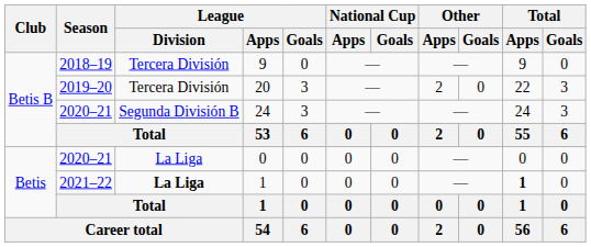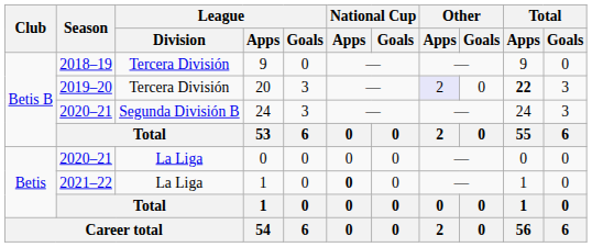 <table class="wikitable" style="text-align:center">
 <tr>
 <th rowspan="2">Club</th>
 <th rowspan="2">Season</th>
 <th colspan="3">League</th>
 <th colspan="2">National Cup</th>
 <th colspan="2">Other</th>
 <th colspan="2">Total</th>
 </tr>
 <tr>
 <th>Division</th>
 <th>Apps</th>
 <th>Goals</th>
 <th>Apps</th>
 <th>Goals</th>
 <th>Apps</th>
 <th>Goals</th>
 <th>Apps</th>
 <th>Goals</th>
 </tr>
 <tr>
 <td rowspan="4"><a href='#'>Betis B</a></td>
 <td><a href='#'>2018–19</a></td>
 <td><a href='#'>Tercera División</a></td>
 <td>9</td>
 <td>0</td>
 <td colspan="2">—</td>
 <td colspan="2">—</td>
 <td>9</td>
 <td>0</td>
 </tr>
 <tr>
 <td><a href='#'>2019–20</a></td>
 <td>Tercera División</td>
 <td>20</td>
 <td>3</td>
 <td colspan="2">—</td>
-<td>2</td>
+<td style="background: lavender;">2</td>
 <td>0</td>
-<td>22</td>
+<td><strong>22</strong></td>
 <td>3</td>
 </tr>
 <tr>
 <td><a href='#'>2020–21</a></td>
 <td><a href='#'>Segunda División B</a></td>
 <td>24</td>
 <td>3</td>
 <td colspan="2">—</td>
 <td colspan="2">—</td>
 <td>24</td>
 <td>3</td>
 </tr>
 <tr>
 <th colspan="2">Total</th>
 <th>53</th>
 <th>6</th>
 <th>0</th>
 <th>0</th>
 <th>2</th>
 <th>0</th>
 <th>55</th>
 <th>6</th>
 </tr>
 <tr>
 <td rowspan="3"><a href='#'>Betis</a></td>
 <td><a href='#'>2020–21</a></td>
 <td><a href='#'>La Liga</a></td>
 <td>0</td>
 <td>0</td>
 <td>0</td>
 <td>0</td>
 <td colspan="2">—</td>
 <td>0</td>
 <td>0</td>
 </tr>
 <tr>
 <td><a href='#'>2021–22</a></td>
-<td><strong>La Liga</strong></td>
+<td>La Liga</td>
 <td>1</td>
 <td>0</td>
-<td>0</td>
+<td><strong>0</strong></td>
 <td>0</td>
 <td colspan="2">—</td>
-<td><strong>1</strong></td>
+<td>1</td>
 <td>0</td>
 </tr>
 <tr>
 <th colspan="2">Total</th>
 <th>1</th>
 <th>0</th>
 <th>0</th>
 <th>0</th>
 <th>0</th>
 <th>0</th>
 <th>1</th>
 <th>0</th>
 </tr>
 <tr>
 <th colspan="3">Career total</th>
 <th>54</th>
 <th>6</th>
 <th>0</th>
 <th>0</th>
 <th>2</th>
 <th>0</th>
 <th>56</th>
 <th>6</th>
 </tr>
 </table>
